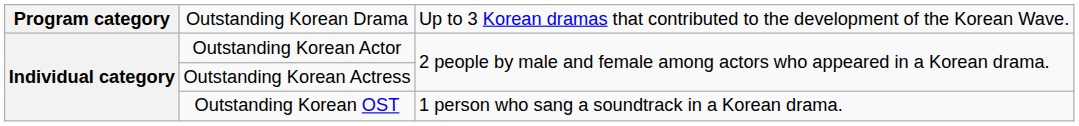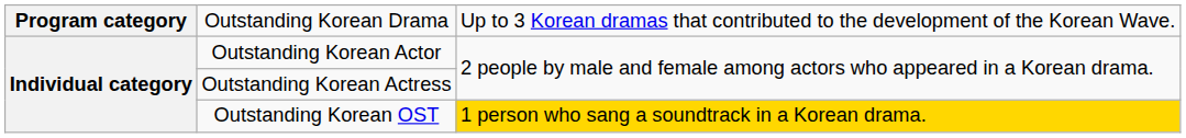 <table class=wikitable style="text-align:center;">
 <tr>
 <th>Program category</th>
 <td>Outstanding Korean Drama</td>
 <td style="text-align:left;">Up to 3 <a href='#'>Korean dramas</a> that contributed to the development of the Korean Wave.</td>
 </tr>
 <tr>
 <th rowspan="3">Individual category</th>
 <td>Outstanding Korean Actor</td>
 <td rowspan="2" style="text-align:left;">2 people by male and female among actors who appeared in a Korean drama.</td>
 </tr>
 <tr>
 <td>Outstanding Korean Actress</td>
 </tr>
 <tr>
 <td>Outstanding Korean <a href='#'>OST</a></td>
-<td style="text-align:left;">1 person who sang a soundtrack in a Korean drama.</td>
+<td style="background: gold; text-align:left;">1 person who sang a soundtrack in a Korean drama.</td>
 </tr>
 </table>
